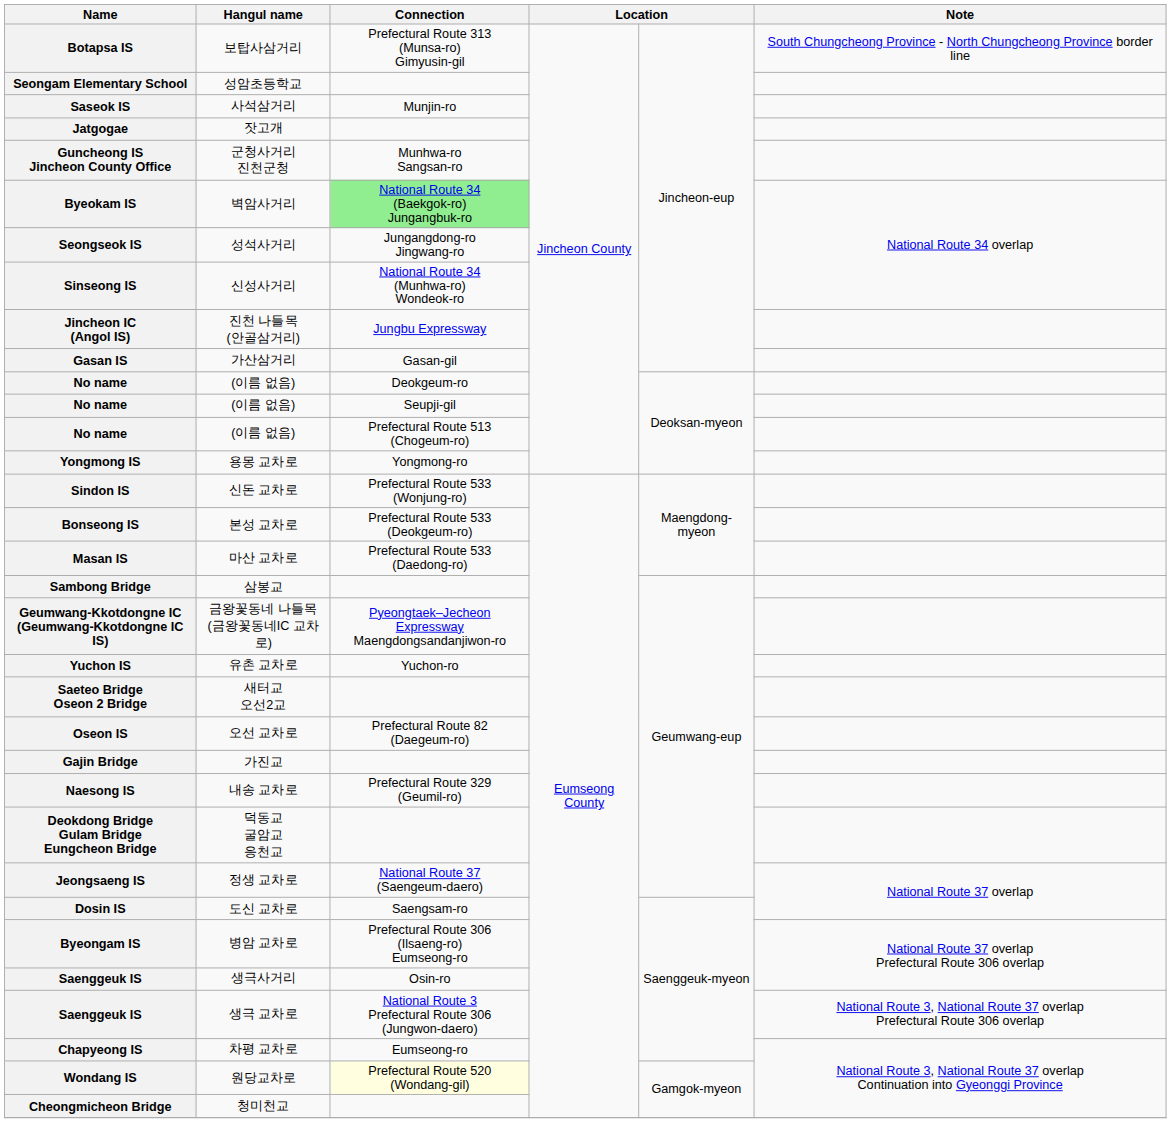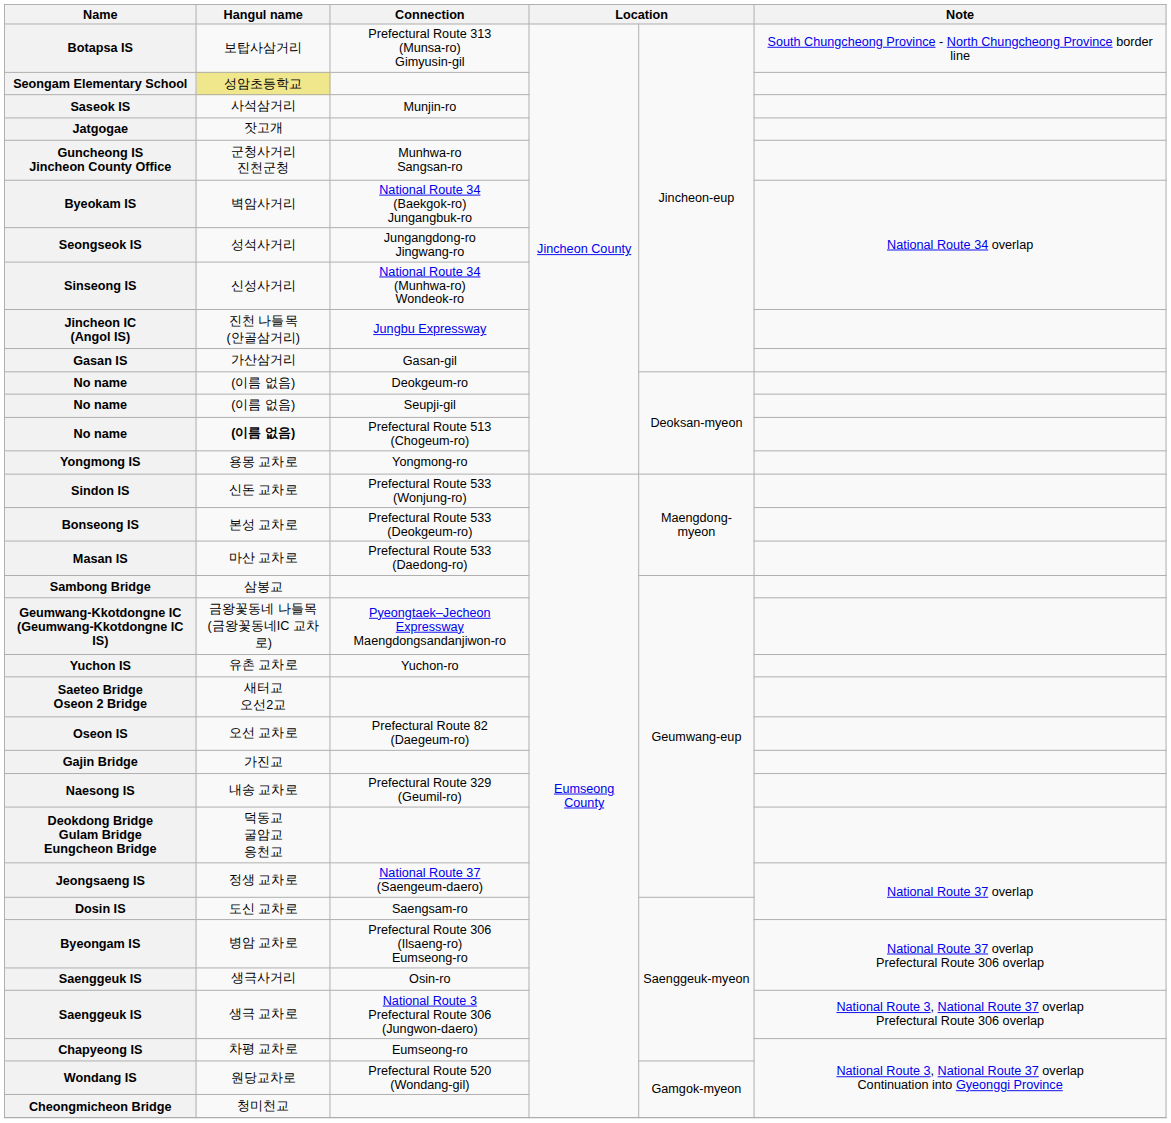 <table class="wikitable" style="font-size: 85%; text-align: center;">
 <tr>
 <th>Name </th>
 <th>Hangul name</th>
 <th>Connection</th>
 <th colspan="2">Location</th>
 <th>Note</th>
 </tr>
 <tr>
 <th>Botapsa IS</th>
 <td>보탑사삼거리</td>
 <td>Prefectural Route 313<br>(Munsa-ro)<br>Gimyusin-gil</td>
 <td rowspan=14><a href='#'>Jincheon County</a></td>
 <td rowspan=10>Jincheon-eup</td>
 <td><a href='#'>South Chungcheong Province</a> - <a href='#'>North Chungcheong Province</a> border line</td>
 </tr>
 <tr>
 <th>Seongam Elementary School</th>
-<td>성암초등학교</td>
+<td style="background: khaki;">성암초등학교</td>
 <td></td>
 <td></td>
 </tr>
 <tr>
 <th>Saseok IS</th>
 <td>사석삼거리</td>
 <td>Munjin-ro</td>
 <td></td>
 </tr>
 <tr>
 <th>Jatgogae</th>
 <td>잣고개</td>
 <td></td>
 <td></td>
 </tr>
 <tr>
 <th>Guncheong IS<br>Jincheon County Office</th>
 <td>군청사거리<br>진천군청</td>
 <td>Munhwa-ro<br>Sangsan-ro</td>
 <td></td>
 </tr>
 <tr>
 <th>Byeokam IS</th>
 <td>벽암사거리</td>
-<td style="background: lightgreen;"><a href='#'>National Route 34</a><br>(Baekgok-ro)<br>Jungangbuk-ro</td>
+<td><a href='#'>National Route 34</a><br>(Baekgok-ro)<br>Jungangbuk-ro</td>
 <td rowspan=3><a href='#'>National Route 34</a> overlap</td>
 </tr>
 <tr>
 <th>Seongseok IS</th>
 <td>성석사거리</td>
 <td>Jungangdong-ro<br>Jingwang-ro</td>
 </tr>
 <tr>
 <th>Sinseong IS</th>
 <td>신성사거리</td>
 <td><a href='#'>National Route 34</a><br>(Munhwa-ro)<br>Wondeok-ro</td>
 </tr>
 <tr>
 <th>Jincheon IC<br>(Angol IS)</th>
 <td>진천 나들목<br>(안골삼거리)</td>
 <td><a href='#'>Jungbu Expressway</a></td>
 <td></td>
 </tr>
 <tr>
 <th>Gasan IS</th>
 <td>가산삼거리</td>
 <td>Gasan-gil</td>
 <td></td>
 </tr>
 <tr>
 <th>No name</th>
 <td>(이름 없음)</td>
 <td>Deokgeum-ro</td>
 <td rowspan=4>Deoksan-myeon</td>
 <td></td>
 </tr>
 <tr>
 <th>No name</th>
 <td>(이름 없음)</td>
 <td>Seupji-gil</td>
 <td></td>
 </tr>
 <tr>
 <th>No name</th>
-<td>(이름 없음)</td>
+<td><strong>(이름 없음)</strong></td>
 <td>Prefectural Route 513<br>(Chogeum-ro)</td>
 <td></td>
 </tr>
 <tr>
 <th>Yongmong IS</th>
 <td>용몽 교차로</td>
 <td>Yongmong-ro</td>
 <td></td>
 </tr>
 <tr>
 <th>Sindon IS</th>
 <td>신돈 교차로</td>
 <td>Prefectural Route 533<br>(Wonjung-ro)</td>
 <td rowspan=19><a href='#'>Eumseong County</a></td>
 <td rowspan=3>Maengdong-myeon</td>
 <td></td>
 </tr>
 <tr>
 <th>Bonseong IS</th>
 <td>본성 교차로</td>
 <td>Prefectural Route 533<br>(Deokgeum-ro)</td>
 <td></td>
 </tr>
 <tr>
 <th>Masan IS</th>
 <td>마산 교차로</td>
 <td>Prefectural Route 533<br>(Daedong-ro)</td>
 <td></td>
 </tr>
 <tr>
 <th>Sambong Bridge</th>
 <td>삼봉교</td>
 <td></td>
 <td rowspan=9>Geumwang-eup</td>
 <td></td>
 </tr>
 <tr>
 <th>Geumwang-Kkotdongne IC<br>(Geumwang-Kkotdongne IC IS)</th>
 <td>금왕꽃동네 나들목<br>(금왕꽃동네IC 교차로)</td>
 <td><a href='#'>Pyeongtaek–Jecheon Expressway</a><br>Maengdongsandanjiwon-ro</td>
 <td></td>
 </tr>
 <tr>
 <th>Yuchon IS</th>
 <td>유촌 교차로</td>
 <td>Yuchon-ro</td>
 <td></td>
 </tr>
 <tr>
 <th>Saeteo Bridge<br>Oseon 2 Bridge</th>
 <td>새터교<br>오선2교</td>
 <td></td>
 <td></td>
 </tr>
 <tr>
 <th>Oseon IS</th>
 <td>오선 교차로</td>
 <td>Prefectural Route 82<br>(Daegeum-ro)</td>
 <td></td>
 </tr>
 <tr>
 <th>Gajin Bridge</th>
 <td>가진교</td>
 <td></td>
 <td></td>
 </tr>
 <tr>
 <th>Naesong IS</th>
 <td>내송 교차로</td>
 <td>Prefectural Route 329<br>(Geumil-ro)</td>
 <td></td>
 </tr>
 <tr>
 <th>Deokdong Bridge<br>Gulam Bridge<br>Eungcheon Bridge</th>
 <td>덕동교<br>굴암교<br>응천교</td>
 <td></td>
 <td></td>
 </tr>
 <tr>
 <th>Jeongsaeng IS</th>
 <td>정생 교차로</td>
 <td><a href='#'>National Route 37</a><br>(Saengeum-daero)</td>
 <td rowspan=2><a href='#'>National Route 37</a> overlap</td>
 </tr>
 <tr>
 <th>Dosin IS</th>
 <td>도신 교차로</td>
 <td>Saengsam-ro</td>
 <td rowspan=5>Saenggeuk-myeon</td>
 </tr>
 <tr>
 <th>Byeongam IS</th>
 <td>병암 교차로</td>
 <td>Prefectural Route 306<br>(Ilsaeng-ro)<br>Eumseong-ro</td>
 <td rowspan=2><a href='#'>National Route 37</a> overlap<br>Prefectural Route 306 overlap</td>
 </tr>
 <tr>
 <th>Saenggeuk IS</th>
 <td>생극사거리</td>
 <td>Osin-ro</td>
 </tr>
 <tr>
 <th>Saenggeuk IS</th>
 <td>생극 교차로</td>
 <td><a href='#'>National Route 3</a><br>Prefectural Route 306<br>(Jungwon-daero)</td>
 <td><a href='#'>National Route 3</a>, <a href='#'>National Route 37</a> overlap<br>Prefectural Route 306 overlap</td>
 </tr>
 <tr>
 <th>Chapyeong IS</th>
 <td>차평 교차로</td>
 <td>Eumseong-ro</td>
 <td rowspan=3><a href='#'>National Route 3</a>, <a href='#'>National Route 37</a> overlap<br>Continuation into <a href='#'>Gyeonggi Province</a></td>
 </tr>
 <tr>
 <th>Wondang IS</th>
 <td>원당교차로</td>
-<td style="background: lightyellow;">Prefectural Route 520<br>(Wondang-gil)</td>
+<td>Prefectural Route 520<br>(Wondang-gil)</td>
 <td rowspan=2>Gamgok-myeon</td>
 </tr>
 <tr>
 <th>Cheongmicheon Bridge</th>
 <td>청미천교</td>
 <td></td>
 </tr>
 <tr>
 </tr>
 </table>
